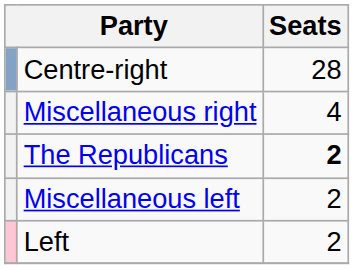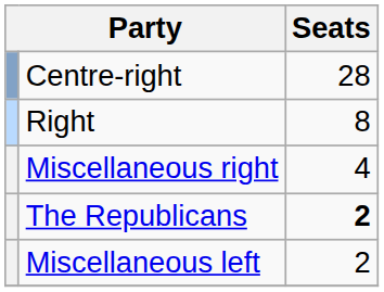 <table class=wikitable>
 <tr>
 <th colspan=2>Party</th>
 <th>Seats</th>
 </tr>
 <tr>
 <th style="background-color: #82A2C6"></th>
 <td>Centre-right</td>
 <td align="right">28</td>
+</tr>
+<tr>
+<th style="background-color: #b9daff"></th>
+<td>Right</td>
+<td align="right">8</td>
 </tr>
 <tr>
 <th style="background-color: "></th>
 <td><a href='#'>Miscellaneous right</a></td>
 <td align="right">4</td>
 </tr>
 <tr>
 <th style="background-color: "></th>
 <td><a href='#'>The Republicans</a></td>
 <td align="right"><strong>2</strong></td>
 </tr>
 <tr>
 <th style="background-color: "></th>
 <td><a href='#'>Miscellaneous left</a></td>
 <td align="right">2</td>
 </tr>
 <tr>
-<th style="background-color: #ffc6d5"></th>
-<td>Left</td>
-<td align="right">2</td>
-</tr>
-<tr>
 </tr>
 </table>
